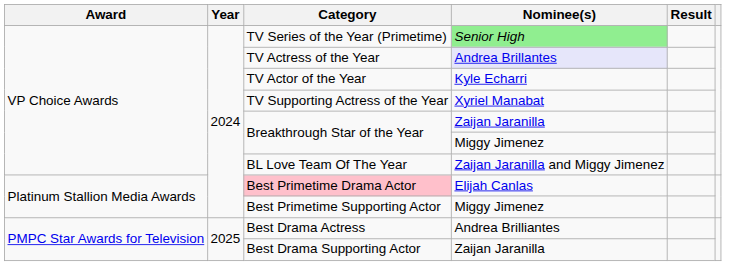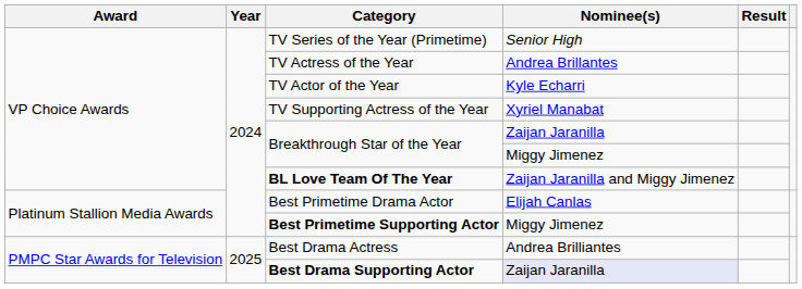 <table class="wikitable sortable">
 <tr>
 <th>Award</th>
 <th>Year</th>
 <th>Category</th>
 <th>Nominee(s)</th>
 <th>Result</th>
 <th></th>
 </tr>
 <tr>
 <td rowspan="7">VP Choice Awards</td>
 <td rowspan="9">2024</td>
 <td>TV Series of the Year (Primetime)</td>
-<td style="background: lightgreen;"><em>Senior High</em></td>
+<td><em>Senior High</em></td>
 <td></td>
 <td rowspan="7"></td>
 </tr>
 <tr>
 <td>TV Actress of the Year</td>
-<td style="background: lavender;"><a href='#'>Andrea Brillantes</a></td>
+<td><a href='#'>Andrea Brillantes</a></td>
 <td></td>
 </tr>
 <tr>
 <td>TV Actor of the Year</td>
 <td><a href='#'>Kyle Echarri</a></td>
 <td></td>
 </tr>
 <tr>
 <td>TV Supporting Actress of the Year</td>
 <td><a href='#'>Xyriel Manabat</a></td>
 <td></td>
 </tr>
 <tr>
 <td rowspan="2">Breakthrough Star of the Year</td>
 <td><a href='#'>Zaijan Jaranilla</a></td>
 <td></td>
 </tr>
 <tr>
 <td>Miggy Jimenez</td>
 <td></td>
 </tr>
 <tr>
-<td>BL Love Team Of The Year</td>
+<td><strong>BL Love Team Of The Year</strong></td>
 <td><a href='#'>Zaijan Jaranilla</a> and Miggy Jimenez</td>
 <td></td>
 </tr>
 <tr>
 <td rowspan="2">Platinum Stallion Media Awards</td>
-<td style="background: pink;">Best Primetime Drama Actor</td>
+<td>Best Primetime Drama Actor</td>
 <td><a href='#'>Elijah Canlas</a></td>
 <td></td>
 <td rowspan="2"></td>
 </tr>
 <tr>
-<td>Best Primetime Supporting Actor</td>
+<td><strong>Best Primetime Supporting Actor</strong></td>
 <td>Miggy Jimenez</td>
 <td></td>
 </tr>
 <tr>
 <td rowspan="2"><a href='#'>PMPC Star Awards for Television</a></td>
 <td rowspan="2">2025</td>
 <td>Best Drama Actress</td>
 <td>Andrea Brilliantes</td>
 <td></td>
 <td rowspan="2"></td>
 </tr>
 <tr>
-<td>Best Drama Supporting Actor</td>
-<td>Zaijan Jaranilla</td>
+<td><strong>Best Drama Supporting Actor</strong></td>
+<td style="background: lavender;">Zaijan Jaranilla</td>
 <td></td>
 </tr>
 </table>
